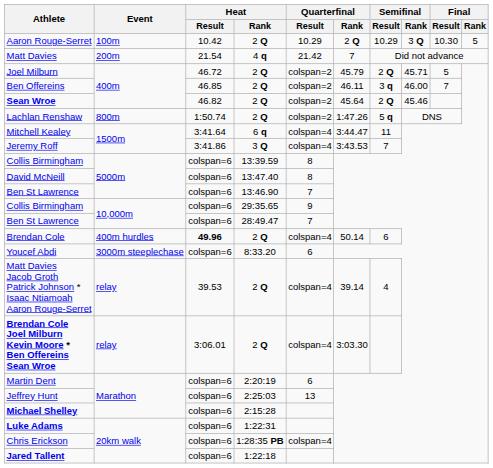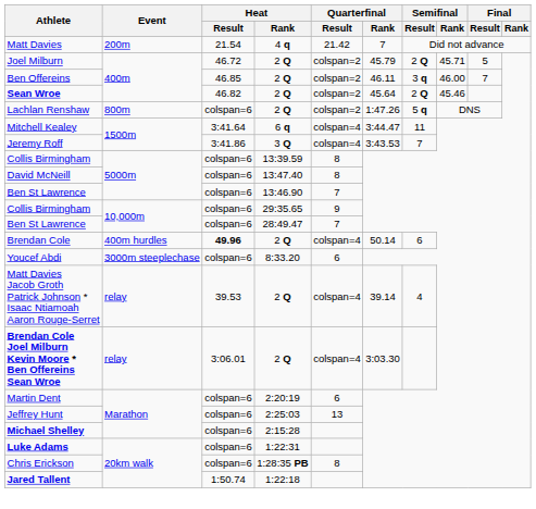 <table class=wikitable style="font-size:90%">
 <tr>
 <th rowspan="2">Athlete</th>
 <th rowspan="2">Event</th>
 <th colspan="2">Heat</th>
 <th colspan="2">Quarterfinal</th>
 <th colspan="2">Semifinal</th>
 <th colspan="2">Final</th>
 </tr>
 <tr style="font-size:95%">
 <th>Result</th>
 <th>Rank</th>
 <th>Result</th>
 <th>Rank</th>
 <th>Result</th>
 <th>Rank</th>
 <th>Result</th>
 <th>Rank</th>
-</tr>
-<tr align=center>
-<td align=left><a href='#'>Aaron Rouge-Serret</a></td>
-<td align=left><a href='#'>100m</a></td>
-<td>10.42</td>
-<td>2 <strong>Q</strong></td>
-<td>10.29</td>
-<td>2 <strong>Q</strong></td>
-<td>10.29</td>
-<td>3 <strong>Q</strong></td>
-<td>10.30</td>
-<td>5</td>
 </tr>
 <tr align=center>
 <td align=left><a href='#'>Matt Davies</a></td>
 <td align=left><a href='#'>200m</a></td>
 <td>21.54</td>
 <td>4 <strong>q</strong></td>
 <td>21.42</td>
 <td>7</td>
 <td colspan=4>Did not advance</td>
 </tr>
 <tr align=center>
 <td align=left><a href='#'>Joel Milburn</a></td>
 <td align=left rowspan=3><a href='#'>400m</a></td>
 <td>46.72</td>
 <td>2 <strong>Q</strong></td>
 <td>colspan=2 </td>
 <td>45.79</td>
 <td>2 <strong>Q</strong></td>
 <td>45.71</td>
 <td>5</td>
 </tr>
 <tr align=center>
 <td align=left><a href='#'>Ben Offereins</a></td>
 <td>46.85</td>
 <td>2 <strong>Q</strong></td>
 <td>colspan=2 </td>
 <td>46.11</td>
 <td>3 <strong>q</strong></td>
 <td>46.00</td>
 <td>7</td>
 </tr>
 <tr align=center>
 <td align=left><strong><a href='#'>Sean Wroe</a></strong></td>
 <td>46.82</td>
 <td>2 <strong>Q</strong></td>
 <td>colspan=2 </td>
 <td>45.64</td>
 <td>2 <strong>Q</strong></td>
 <td>45.46</td>
 <td></td>
 </tr>
 <tr align=center>
 <td align=left><a href='#'>Lachlan Renshaw</a></td>
 <td align=left><a href='#'>800m</a></td>
-<td>1:50.74</td>
+<td>colspan=6 </td>
 <td>2 <strong>Q</strong></td>
 <td>colspan=2 </td>
 <td>1:47.26</td>
 <td>5 <strong>q</strong></td>
 <td colspan=2>DNS</td>
 </tr>
 <tr align=center>
 <td align=left><a href='#'>Mitchell Kealey</a></td>
 <td align=left rowspan=2><a href='#'>1500m</a></td>
 <td>3:41.64</td>
 <td>6 <strong>q</strong></td>
 <td>colspan=4 </td>
 <td>3:44.47</td>
 <td>11</td>
 </tr>
 <tr align=center>
 <td align=left><a href='#'>Jeremy Roff</a></td>
 <td>3:41.86</td>
 <td>3 <strong>Q</strong></td>
 <td>colspan=4 </td>
 <td>3:43.53</td>
 <td>7</td>
 </tr>
 <tr align=center>
 <td align=left><a href='#'>Collis Birmingham</a></td>
 <td align=left rowspan=3><a href='#'>5000m</a></td>
 <td>colspan=6 </td>
 <td>13:39.59</td>
 <td>8</td>
 </tr>
 <tr align=center>
 <td align=left><a href='#'>David McNeill</a></td>
 <td>colspan=6 </td>
 <td>13:47.40</td>
 <td>8</td>
 </tr>
 <tr align=center>
 <td align=left><a href='#'>Ben St Lawrence</a></td>
 <td>colspan=6 </td>
 <td>13:46.90</td>
 <td>7</td>
 </tr>
 <tr align=center>
 <td align=left><a href='#'>Collis Birmingham</a></td>
 <td align=left rowspan=2><a href='#'>10,000m</a></td>
 <td>colspan=6 </td>
 <td>29:35.65</td>
 <td>9</td>
 </tr>
 <tr align=center>
 <td align=left><a href='#'>Ben St Lawrence</a></td>
 <td>colspan=6 </td>
 <td>28:49.47</td>
 <td>7</td>
 </tr>
 <tr align=center>
 <td align=left><a href='#'>Brendan Cole</a></td>
 <td align=left><a href='#'>400m hurdles</a></td>
 <td><strong>49.96</strong></td>
 <td>2 <strong>Q</strong></td>
 <td>colspan=4 </td>
 <td>50.14</td>
 <td>6</td>
 </tr>
 <tr align=center>
 <td align=left><a href='#'>Youcef Abdi</a></td>
 <td align=left><a href='#'>3000m steeplechase</a></td>
 <td>colspan=6 </td>
 <td>8:33.20</td>
 <td>6</td>
 </tr>
 <tr align=center>
 <td align=left><a href='#'>Matt Davies</a><br><a href='#'>Jacob Groth</a><br><a href='#'>Patrick Johnson</a> * <br><a href='#'>Isaac Ntiamoah</a><br><a href='#'>Aaron Rouge-Serret</a></td>
 <td align=left><a href='#'> relay</a></td>
 <td>39.53</td>
 <td>2 <strong>Q</strong></td>
 <td>colspan=4 </td>
 <td>39.14</td>
 <td>4</td>
 </tr>
 <tr align=center>
 <td align=left><strong><a href='#'>Brendan Cole</a><br><a href='#'>Joel Milburn</a><br><a href='#'>Kevin Moore</a> * <br><a href='#'>Ben Offereins</a><br><a href='#'>Sean Wroe</a></strong></td>
 <td align=left><a href='#'> relay</a></td>
 <td>3:06.01</td>
 <td>2 <strong>Q</strong></td>
 <td>colspan=4 </td>
 <td>3:03.30</td>
 <td></td>
 </tr>
 <tr align=center>
 <td align=left><a href='#'>Martin Dent</a></td>
 <td align=left rowspan=3><a href='#'>Marathon</a></td>
 <td>colspan=6 </td>
 <td>2:20:19</td>
 <td>6</td>
 </tr>
 <tr align=center>
 <td align=left><a href='#'>Jeffrey Hunt</a></td>
 <td>colspan=6 </td>
 <td>2:25:03</td>
 <td>13</td>
 </tr>
 <tr align=center>
 <td align=left><strong><a href='#'>Michael Shelley</a></strong></td>
 <td>colspan=6 </td>
 <td>2:15:28</td>
 <td></td>
 </tr>
 <tr align=center>
 <td align=left><strong><a href='#'>Luke Adams</a></strong></td>
 <td align=left rowspan=3><a href='#'>20km walk</a></td>
 <td>colspan=6 </td>
 <td>1:22:31</td>
 <td></td>
 </tr>
 <tr align=center>
 <td align=left><a href='#'>Chris Erickson</a></td>
 <td>colspan=6 </td>
 <td>1:28:35 <strong>PB</strong></td>
-<td>colspan=4 </td>
+<td>8</td>
 </tr>
 <tr align=center>
 <td align=left><strong><a href='#'>Jared Tallent</a></strong></td>
-<td>colspan=6 </td>
+<td>1:50.74</td>
 <td>1:22:18</td>
 <td></td>
 </tr>
 </table>
